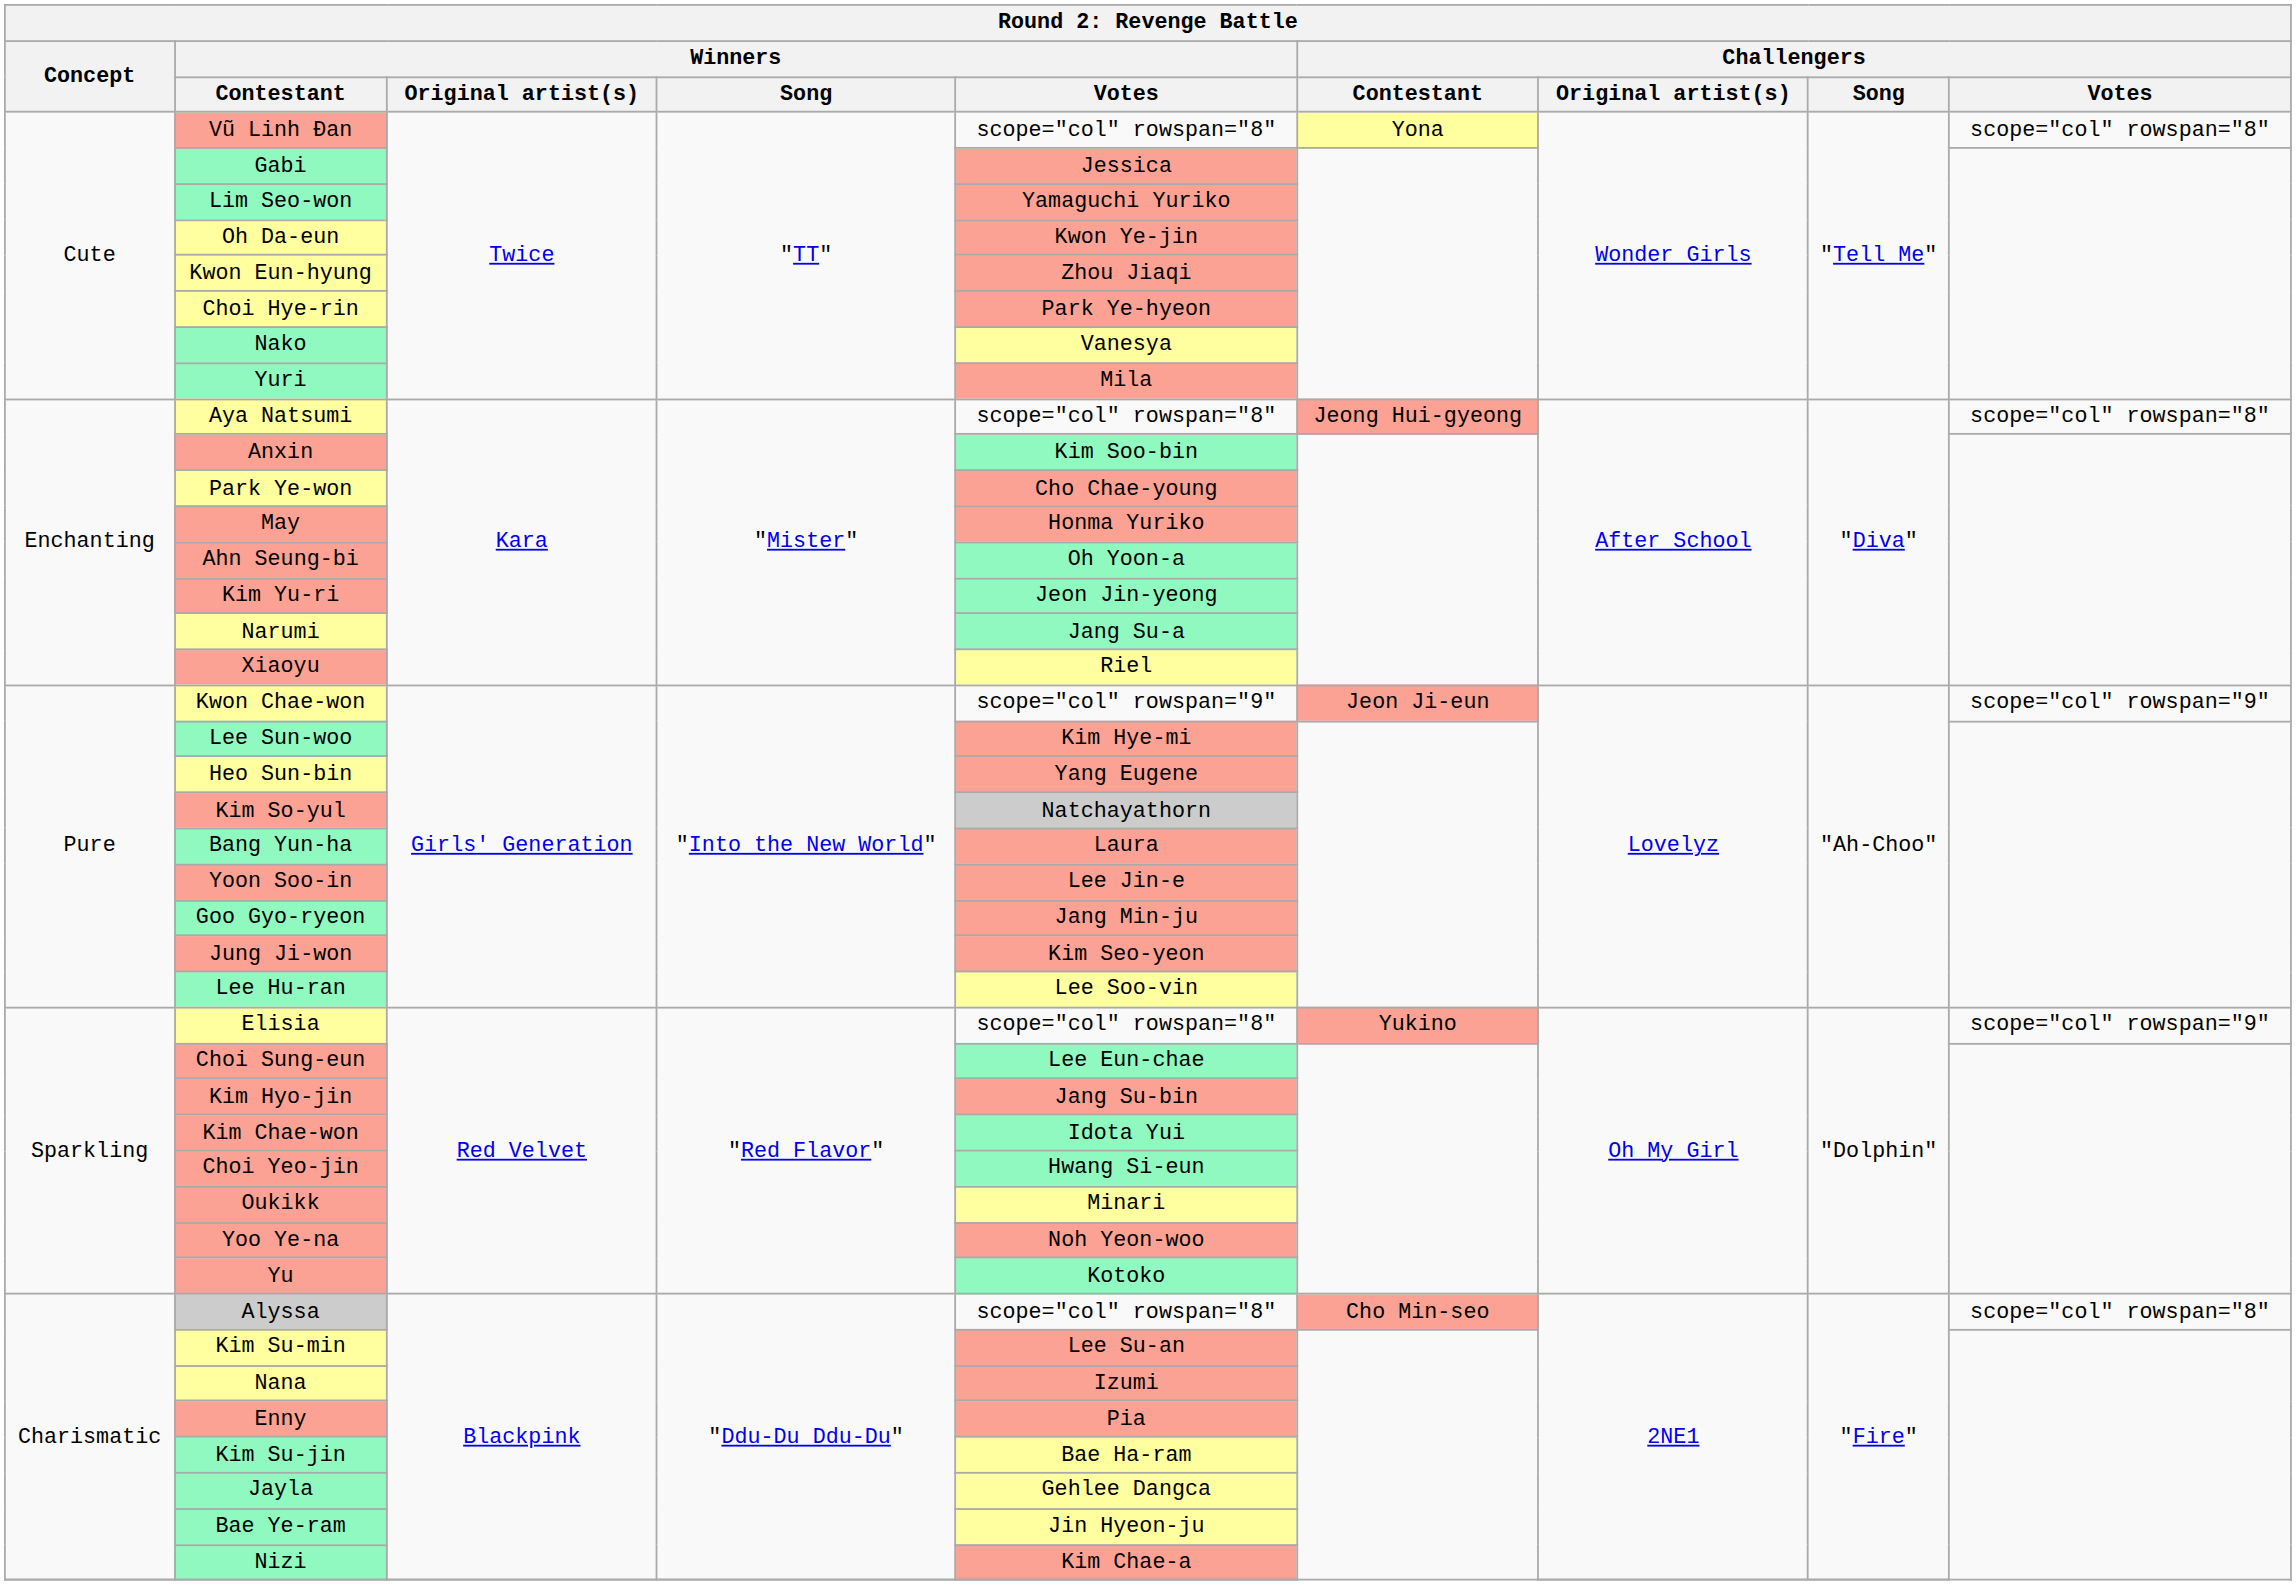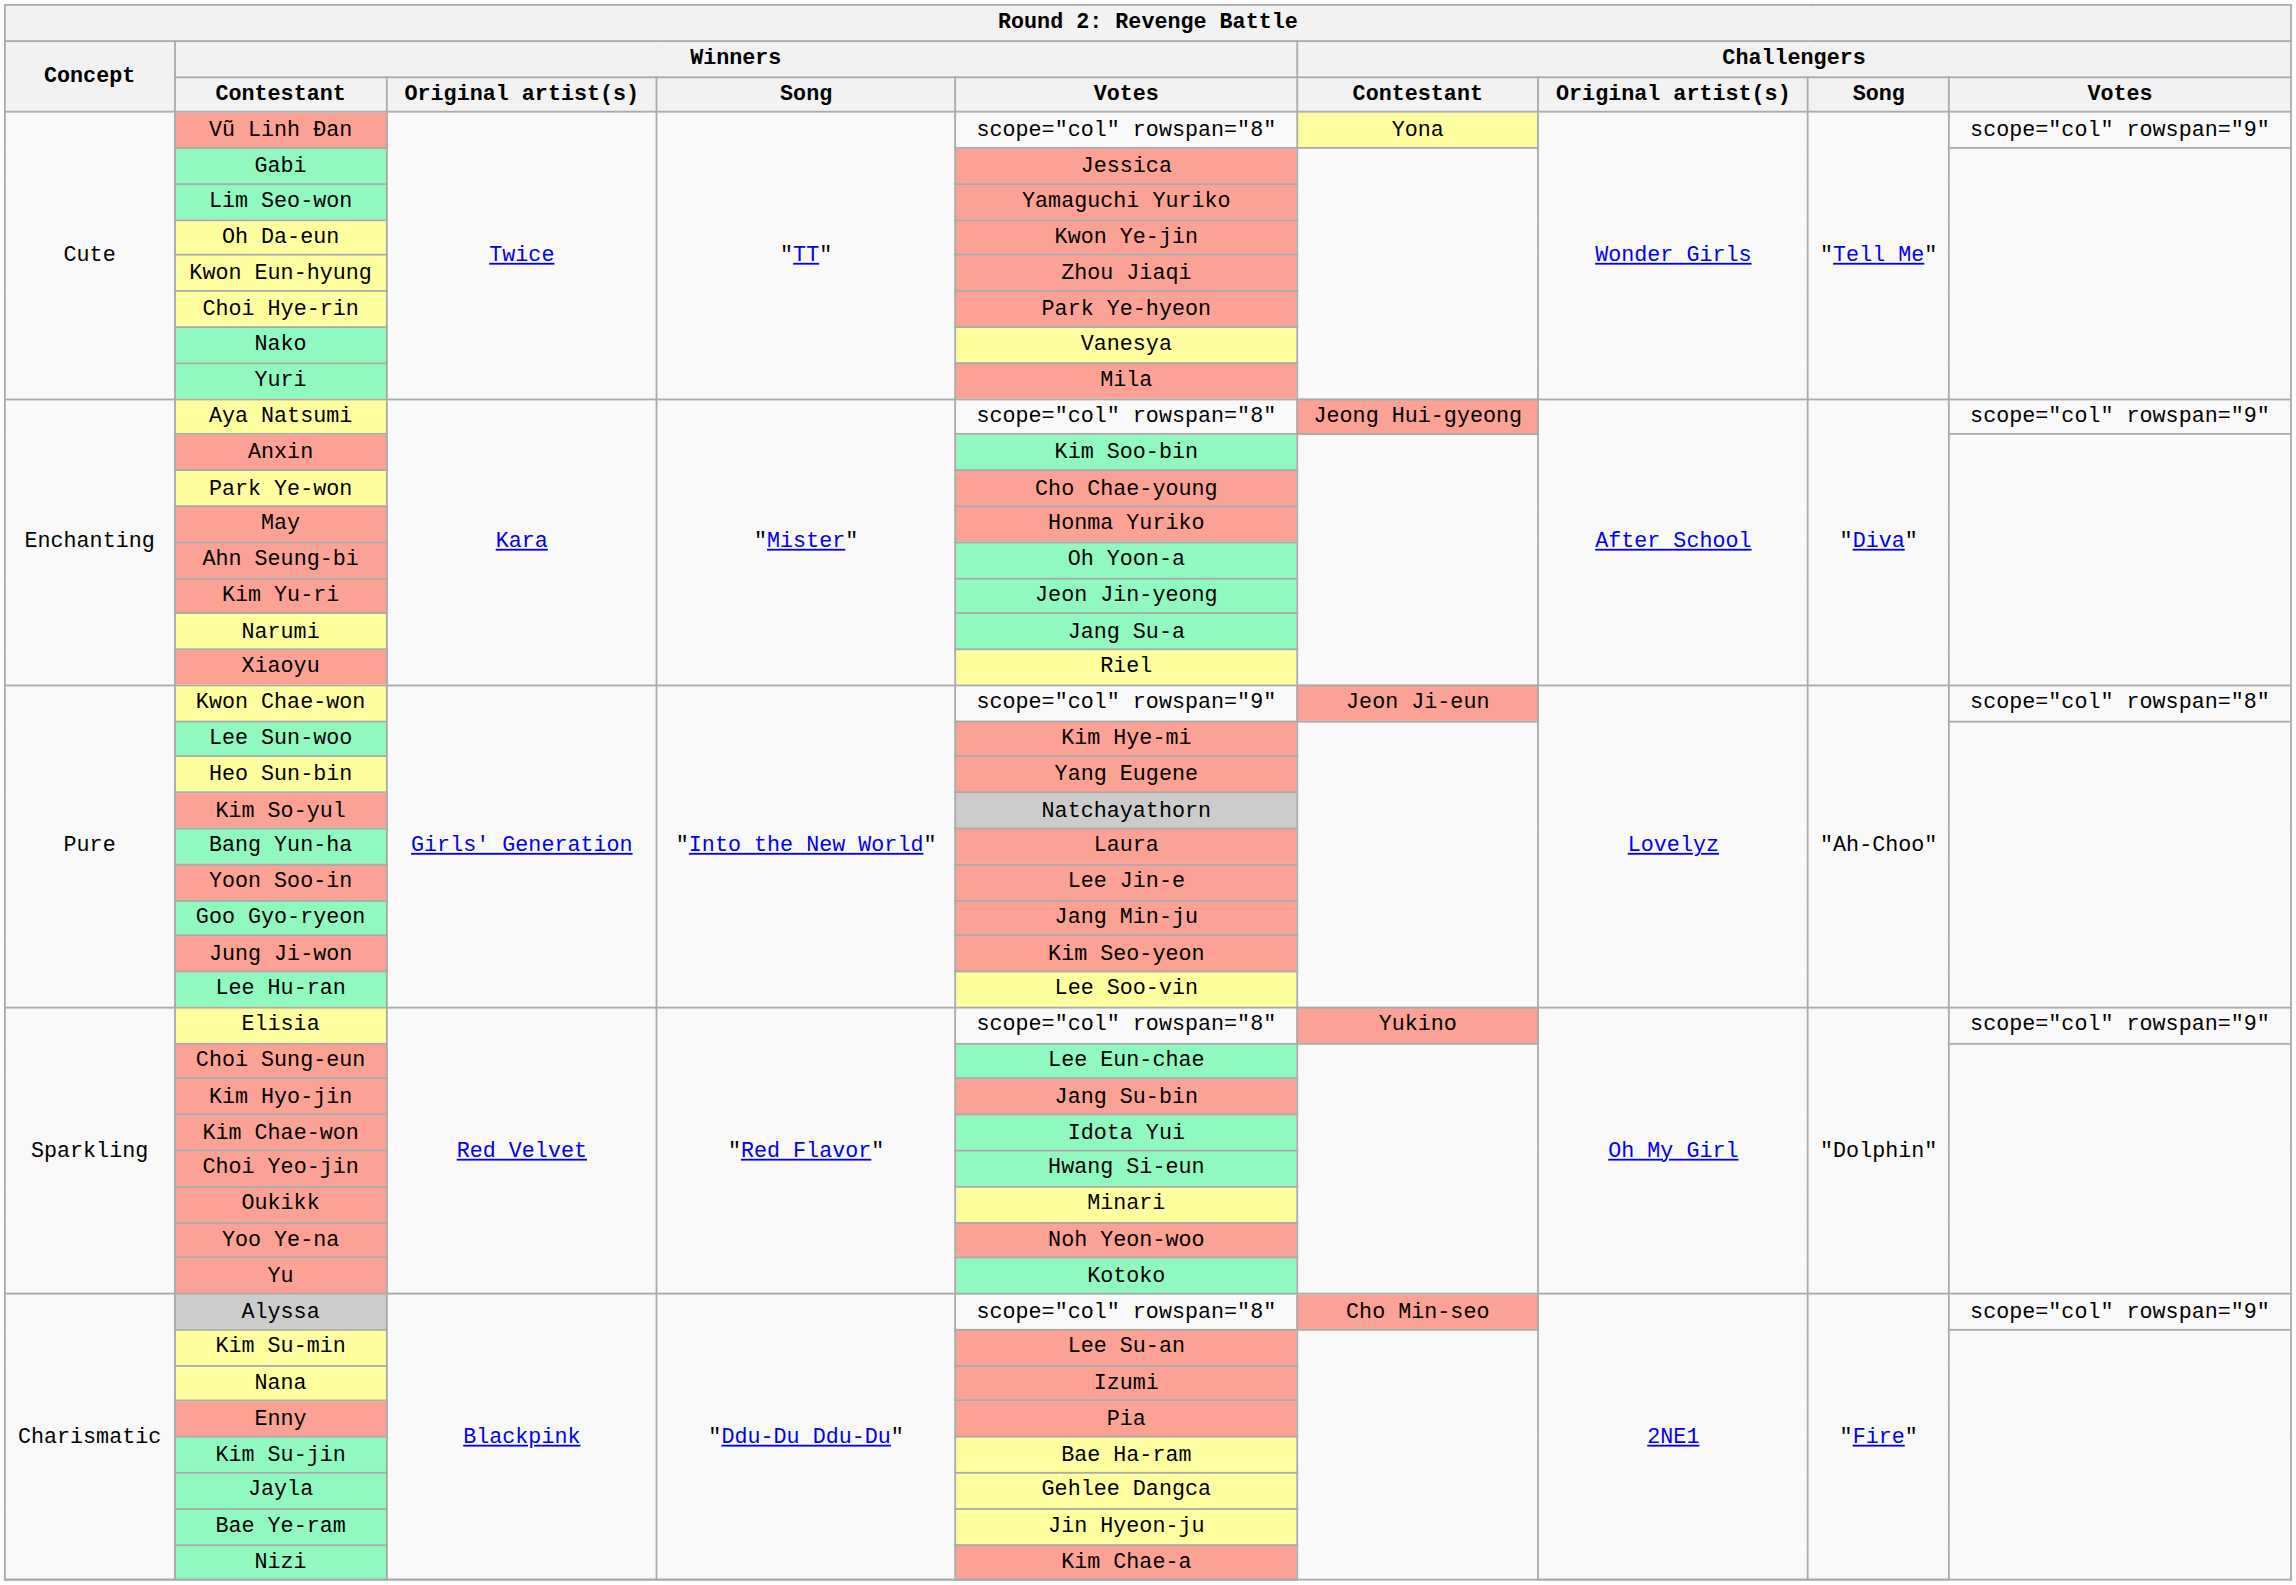 <table class="wikitable sortable collapsible" style="width:100%; text-align:center; white-space:nowrap; font-size:small">
 <tr>
 <th colspan="9">Round 2: Revenge Battle</th>
 </tr>
 <tr>
 <th scope="col" rowspan="2">Concept</th>
 <th scope="col" colspan="4">Winners</th>
 <th scope="col" colspan="4">Challengers</th>
 </tr>
 <tr>
 <th scope="col">Contestant</th>
 <th scope="col">Original artist(s)</th>
 <th scope="col">Song</th>
 <th scope="col">Votes</th>
 <th scope="col">Contestant</th>
 <th scope="col">Original artist(s)</th>
 <th scope="col">Song</th>
 <th scope="col">Votes</th>
 </tr>
 <tr>
 <td scope="col" rowspan="8">Cute</td>
 <td style="background:#FCA294">Vũ Linh Ðan</td>
 <td scope="col" rowspan="8"><a href='#'>Twice</a></td>
 <td scope="col" rowspan="8">"<a href='#'>TT</a>"</td>
 <td>scope="col" rowspan="8" </td>
 <td style="background:#FFFF9F">Yona</td>
 <td scope="col" rowspan="8"><a href='#'>Wonder Girls</a></td>
 <td scope="col" rowspan="8">"<a href='#'>Tell Me</a>"</td>
-<td>scope="col" rowspan="8" </td>
+<td>scope="col" rowspan="9" </td>
 </tr>
 <tr>
 <td style="background:#90F9C0">Gabi</td>
 <td style="background:#FCA294">Jessica</td>
 </tr>
 <tr>
 <td style="background:#90F9C0">Lim Seo-won</td>
 <td style="background:#FCA294">Yamaguchi Yuriko</td>
 </tr>
 <tr>
 <td style="background:#FFFF9F">Oh Da-eun</td>
 <td style="background:#FCA294">Kwon Ye-jin</td>
 </tr>
 <tr>
 <td style="background:#FFFF9F">Kwon Eun-hyung</td>
 <td style="background:#FCA294">Zhou Jiaqi</td>
 </tr>
 <tr>
 <td style="background:#FFFF9F">Choi Hye-rin</td>
 <td style="background:#FCA294">Park Ye-hyeon</td>
 </tr>
 <tr>
 <td style="background:#90F9C0">Nako</td>
 <td style="background:#FFFF9F">Vanesya</td>
 </tr>
 <tr>
 <td style="background:#90F9C0">Yuri</td>
 <td style="background:#FCA294">Mila</td>
 </tr>
 <tr>
 <td scope="col" rowspan="8">Enchanting</td>
 <td style="background:#FFFF9F">Aya Natsumi</td>
 <td scope="col" rowspan="8"><a href='#'>Kara</a></td>
 <td scope="col" rowspan="8">"<a href='#'>Mister</a>"</td>
 <td>scope="col" rowspan="8" </td>
 <td style="background:#FCA294">Jeong Hui-gyeong</td>
 <td scope="col" rowspan="8"><a href='#'>After School</a></td>
 <td scope="col" rowspan="8">"<a href='#'>Diva</a>"</td>
-<td>scope="col" rowspan="8" </td>
+<td>scope="col" rowspan="9" </td>
 </tr>
 <tr>
 <td style="background:#FCA294">Anxin</td>
 <td style="background:#90F9C0">Kim Soo-bin</td>
 </tr>
 <tr>
 <td style="background:#FFFF9F">Park Ye-won</td>
 <td style="background:#FCA294">Cho Chae-young</td>
 </tr>
 <tr>
 <td style="background:#FCA294">May</td>
 <td style="background:#FCA294">Honma Yuriko</td>
 </tr>
 <tr>
 <td style="background:#FCA294">Ahn Seung-bi</td>
 <td style="background:#90F9C0">Oh Yoon-a</td>
 </tr>
 <tr>
 <td style="background:#FCA294">Kim Yu-ri</td>
 <td style="background:#90F9C0">Jeon Jin-yeong</td>
 </tr>
 <tr>
 <td style="background:#FFFF9F">Narumi</td>
 <td style="background:#90F9C0">Jang Su-a</td>
 </tr>
 <tr>
 <td style="background:#FCA294">Xiaoyu</td>
 <td style="background:#FFFF9F">Riel</td>
 </tr>
 <tr>
 <td scope="col" rowspan="9">Pure</td>
 <td style="background:#FFFF9F">Kwon Chae-won</td>
 <td scope="col" rowspan="9"><a href='#'>Girls' Generation</a></td>
 <td scope="col" rowspan="9">"<a href='#'>Into the New World</a>"</td>
 <td>scope="col" rowspan="9" </td>
 <td style="background:#FCA294">Jeon Ji-eun</td>
 <td scope="col" rowspan="9"><a href='#'>Lovelyz</a></td>
 <td scope="col" rowspan="9">"Ah-Choo"</td>
-<td>scope="col" rowspan="9" </td>
+<td>scope="col" rowspan="8" </td>
 </tr>
 <tr>
 <td style="background:#90F9C0">Lee Sun-woo</td>
 <td style="background:#FCA294">Kim Hye-mi</td>
 </tr>
 <tr>
 <td style="background:#FFFF9F">Heo Sun-bin</td>
 <td style="background:#FCA294">Yang Eugene</td>
 </tr>
 <tr>
 <td style="background:#FCA294">Kim So-yul</td>
 <td style="background:#CCCCCC">Natchayathorn</td>
 </tr>
 <tr>
 <td style="background:#90F9C0">Bang Yun-ha</td>
 <td style="background:#FCA294">Laura</td>
 </tr>
 <tr>
 <td style="background:#FCA294">Yoon Soo-in</td>
 <td style="background:#FCA294">Lee Jin-e</td>
 </tr>
 <tr>
 <td style="background:#90F9C0">Goo Gyo-ryeon</td>
 <td style="background:#FCA294">Jang Min-ju</td>
 </tr>
 <tr>
 <td style="background:#FCA294">Jung Ji-won</td>
 <td style="background:#FCA294">Kim Seo-yeon</td>
 </tr>
 <tr>
 <td style="background:#90F9C0">Lee Hu-ran</td>
 <td style="background:#FFFF9F">Lee Soo-vin</td>
 </tr>
 <tr>
 <td scope="col" rowspan="8">Sparkling</td>
 <td style="background:#FFFF9F">Elisia</td>
 <td scope="col" rowspan="8"><a href='#'>Red Velvet</a></td>
 <td scope="col" rowspan="8">"<a href='#'>Red Flavor</a>"</td>
 <td>scope="col" rowspan="8" </td>
 <td style="background:#FCA294">Yukino</td>
 <td scope="col" rowspan="8"><a href='#'>Oh My Girl</a></td>
 <td scope="col" rowspan="8">"Dolphin"</td>
 <td>scope="col" rowspan="9" </td>
 </tr>
 <tr>
 <td style="background:#FCA294">Choi Sung-eun</td>
 <td style="background:#90F9C0">Lee Eun-chae</td>
 </tr>
 <tr>
 <td style="background:#FCA294">Kim Hyo-jin</td>
 <td style="background:#FCA294">Jang Su-bin</td>
 </tr>
 <tr>
 <td style="background:#FCA294">Kim Chae-won</td>
 <td style="background:#90F9C0">Idota Yui</td>
 </tr>
 <tr>
 <td style="background:#FCA294">Choi Yeo-jin</td>
 <td style="background:#90F9C0">Hwang Si-eun</td>
 </tr>
 <tr>
 <td style="background:#FCA294">Oukikk</td>
 <td style="background:#FFFF9F">Minari</td>
 </tr>
 <tr>
 <td style="background:#FCA294">Yoo Ye-na</td>
 <td style="background:#FCA294">Noh Yeon-woo</td>
 </tr>
 <tr>
 <td style="background:#FCA294">Yu</td>
 <td style="background:#90F9C0">Kotoko</td>
 </tr>
 <tr>
 <td scope="col" rowspan="8">Charismatic</td>
 <td style="background:#CCCCCC">Alyssa</td>
 <td scope="col" rowspan="8"><a href='#'>Blackpink</a></td>
 <td scope="col" rowspan="8">"<a href='#'>Ddu-Du Ddu-Du</a>"</td>
 <td>scope="col" rowspan="8" </td>
 <td style="background:#FCA294">Cho Min-seo</td>
 <td scope="col" rowspan="8"><a href='#'>2NE1</a></td>
 <td scope="col" rowspan="8">"<a href='#'>Fire</a>"</td>
-<td>scope="col" rowspan="8" </td>
+<td>scope="col" rowspan="9" </td>
 </tr>
 <tr>
 <td style="background:#FFFF9F">Kim Su-min</td>
 <td style="background:#FCA294">Lee Su-an</td>
 </tr>
 <tr>
 <td style="background:#FFFF9F">Nana</td>
 <td style="background:#FCA294">Izumi</td>
 </tr>
 <tr>
 <td style="background:#FCA294">Enny</td>
 <td style="background:#FCA294">Pia</td>
 </tr>
 <tr>
 <td style="background:#90F9C0">Kim Su-jin</td>
 <td style="background:#FFFF9F">Bae Ha-ram</td>
 </tr>
 <tr>
 <td style="background:#90F9C0">Jayla</td>
 <td style="background:#FFFF9F">Gehlee Dangca</td>
 </tr>
 <tr>
 <td style="background:#90F9C0">Bae Ye-ram</td>
 <td style="background:#FFFF9F">Jin Hyeon-ju</td>
 </tr>
 <tr>
 <td style="background:#90F9C0">Nizi</td>
 <td style="background:#FCA294">Kim Chae-a</td>
 </tr>
 <tr>
 </tr>
 </table>
